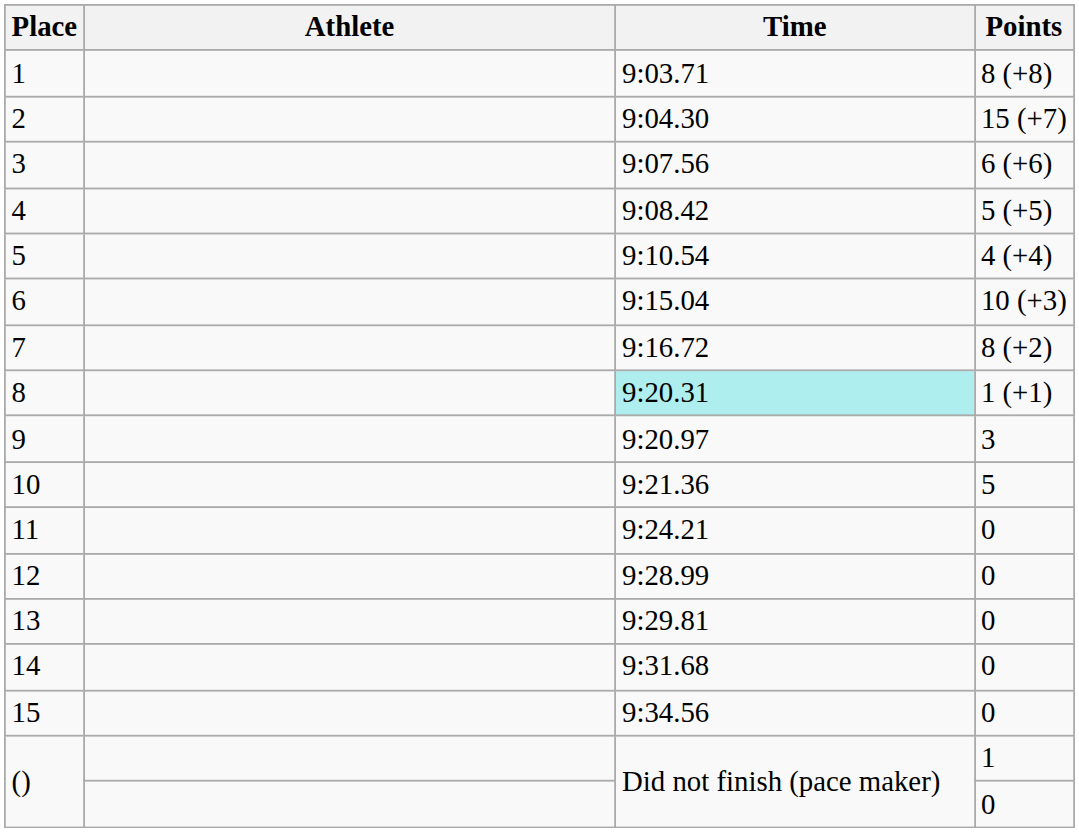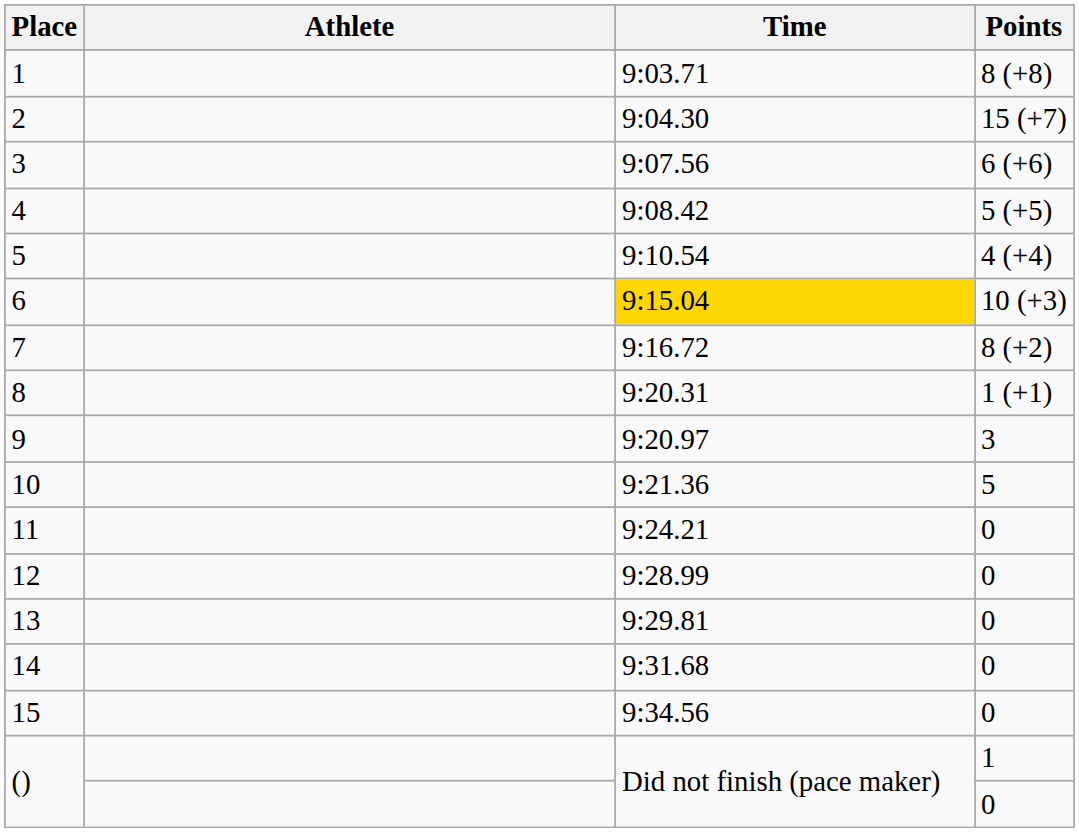 <table class="wikitable sortable">
 <tr>
 <th>Place</th>
 <th style="width:18em">Athlete</th>
 <th style="width:12em">Time</th>
 <th>Points</th>
 </tr>
 <tr>
 <td>1</td>
 <td></td>
 <td>9:03.71  </td>
 <td>8 (+8)</td>
 </tr>
 <tr>
 <td>2</td>
 <td></td>
 <td>9:04.30</td>
 <td>15 (+7)</td>
 </tr>
 <tr>
 <td>3</td>
 <td></td>
 <td>9:07.56</td>
 <td>6 (+6)</td>
 </tr>
 <tr>
 <td>4</td>
 <td></td>
 <td>9:08.42</td>
 <td>5 (+5)</td>
 </tr>
 <tr>
 <td>5</td>
 <td></td>
 <td>9:10.54 </td>
 <td>4 (+4)</td>
 </tr>
 <tr>
 <td>6</td>
 <td></td>
-<td>9:15.04</td>
+<td style="background: gold;">9:15.04</td>
 <td>10 (+3)</td>
 </tr>
 <tr>
 <td>7</td>
 <td></td>
 <td>9:16.72</td>
 <td>8 (+2)</td>
 </tr>
 <tr>
 <td>8</td>
 <td></td>
-<td style="background: paleturquoise;">9:20.31</td>
+<td>9:20.31</td>
 <td>1 (+1)</td>
 </tr>
 <tr>
 <td>9</td>
 <td></td>
 <td>9:20.97 </td>
 <td>3</td>
 </tr>
 <tr>
 <td>10</td>
 <td></td>
 <td>9:21.36</td>
 <td>5</td>
 </tr>
 <tr>
 <td>11</td>
 <td></td>
 <td>9:24.21 </td>
 <td>0</td>
 </tr>
 <tr>
 <td>12</td>
 <td></td>
 <td>9:28.99</td>
 <td>0</td>
 </tr>
 <tr>
 <td>13</td>
 <td></td>
 <td>9:29.81 </td>
 <td>0</td>
 </tr>
 <tr>
 <td>14</td>
 <td></td>
 <td>9:31.68 </td>
 <td>0</td>
 </tr>
 <tr>
 <td>15</td>
 <td></td>
 <td>9:34.56 </td>
 <td>0</td>
 </tr>
 <tr>
 <td rowspan=2 data-sort-value=16> ()</td>
 <td></td>
 <td rowspan=2>Did not finish (pace maker)</td>
 <td>1</td>
 </tr>
 <tr>
 <td></td>
 <td>0</td>
 </tr>
 </table>
